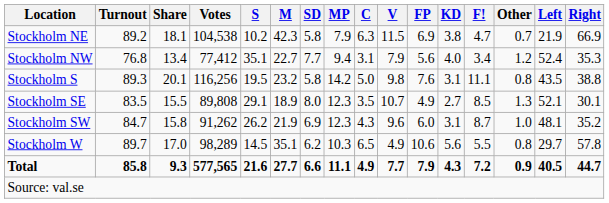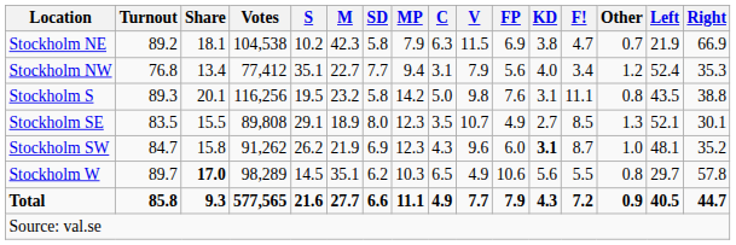 <table class="wikitable sortable" style=text-align:right>
 <tr>
 <th>Location</th>
 <th>Turnout</th>
 <th>Share</th>
 <th>Votes</th>
 <th><a href='#'>S</a></th>
 <th><a href='#'>M</a></th>
 <th><a href='#'>SD</a></th>
 <th><a href='#'>MP</a></th>
 <th><a href='#'>C</a></th>
 <th><a href='#'>V</a></th>
 <th><a href='#'>FP</a></th>
 <th><a href='#'>KD</a></th>
 <th><a href='#'>F!</a></th>
 <th>Other</th>
 <th><a href='#'>Left</a></th>
 <th><a href='#'>Right</a></th>
 </tr>
 <tr>
 <td align=left><a href='#'>Stockholm NE</a></td>
 <td>89.2</td>
 <td>18.1</td>
 <td>104,538</td>
 <td>10.2</td>
 <td>42.3</td>
 <td>5.8</td>
 <td>7.9</td>
 <td>6.3</td>
 <td>11.5</td>
 <td>6.9</td>
 <td>3.8</td>
 <td>4.7</td>
 <td>0.7</td>
 <td>21.9</td>
 <td>66.9</td>
 </tr>
 <tr>
 <td align=left><a href='#'>Stockholm NW</a></td>
 <td>76.8</td>
 <td>13.4</td>
 <td>77,412</td>
 <td>35.1</td>
 <td>22.7</td>
 <td>7.7</td>
 <td>9.4</td>
 <td>3.1</td>
 <td>7.9</td>
 <td>5.6</td>
 <td>4.0</td>
 <td>3.4</td>
 <td>1.2</td>
 <td>52.4</td>
 <td>35.3</td>
 </tr>
 <tr>
 <td align=left><a href='#'>Stockholm S</a></td>
 <td>89.3</td>
 <td>20.1</td>
 <td>116,256</td>
 <td>19.5</td>
 <td>23.2</td>
 <td>5.8</td>
 <td>14.2</td>
 <td>5.0</td>
 <td>9.8</td>
 <td>7.6</td>
 <td>3.1</td>
 <td>11.1</td>
 <td>0.8</td>
 <td>43.5</td>
 <td>38.8</td>
 </tr>
 <tr>
 <td align=left><a href='#'>Stockholm SE</a></td>
 <td>83.5</td>
 <td>15.5</td>
 <td>89,808</td>
 <td>29.1</td>
 <td>18.9</td>
 <td>8.0</td>
 <td>12.3</td>
 <td>3.5</td>
 <td>10.7</td>
 <td>4.9</td>
 <td>2.7</td>
 <td>8.5</td>
 <td>1.3</td>
 <td>52.1</td>
 <td>30.1</td>
 </tr>
 <tr>
 <td align=left><a href='#'>Stockholm SW</a></td>
 <td>84.7</td>
 <td>15.8</td>
 <td>91,262</td>
 <td>26.2</td>
 <td>21.9</td>
 <td>6.9</td>
 <td>12.3</td>
 <td>4.3</td>
 <td>9.6</td>
 <td>6.0</td>
-<td>3.1</td>
+<td><strong>3.1</strong></td>
 <td>8.7</td>
 <td>1.0</td>
 <td>48.1</td>
 <td>35.2</td>
 </tr>
 <tr>
 <td align=left><a href='#'>Stockholm W</a></td>
 <td>89.7</td>
-<td>17.0</td>
+<td><strong>17.0</strong></td>
 <td>98,289</td>
 <td>14.5</td>
 <td>35.1</td>
 <td>6.2</td>
 <td>10.3</td>
 <td>6.5</td>
 <td>4.9</td>
 <td>10.6</td>
 <td>5.6</td>
 <td>5.5</td>
 <td>0.8</td>
 <td>29.7</td>
 <td>57.8</td>
 </tr>
 <tr>
 <td align=left><strong>Total</strong></td>
 <td><strong>85.8</strong></td>
 <td><strong>9.3</strong></td>
 <td><strong>577,565</strong></td>
 <td><strong>21.6</strong></td>
 <td><strong>27.7</strong></td>
 <td><strong>6.6</strong></td>
 <td><strong>11.1</strong></td>
 <td><strong>4.9</strong></td>
 <td><strong>7.7</strong></td>
 <td><strong>7.9</strong></td>
 <td><strong>4.3</strong></td>
 <td><strong>7.2</strong></td>
 <td><strong>0.9</strong></td>
 <td><strong>40.5</strong></td>
 <td><strong>44.7</strong></td>
 </tr>
 <tr>
 <td align=left colspan=16>Source: val.se </td>
 </tr>
 </table>
